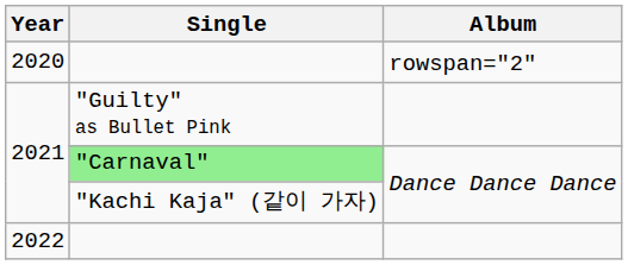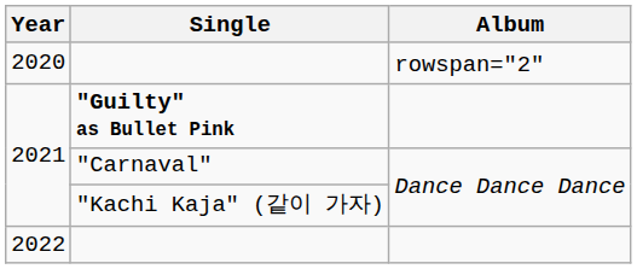 <table class="wikitable" border="1">
 <tr>
 <th>Year</th>
 <th>Single</th>
 <th>Album</th>
 </tr>
 <tr>
 <td>2020</td>
 <td align="left"></td>
 <td>rowspan="2"　</td>
 </tr>
 <tr>
 <td rowspan="3">2021</td>
-<td align="left">"Guilty"<br><small>as Bullet Pink</small></td>
+<td align="left"><strong>"Guilty"<br><small>as Bullet Pink</small></strong></td>
 </tr>
 <tr>
-<td align="left" style="background: lightgreen;">"Carnaval"</td>
+<td align="left">"Carnaval"</td>
 <td rowspan="2"><em>Dance Dance Dance</em></td>
 </tr>
 <tr>
 <td align="left">"Kachi Kaja" (같이 가자)</td>
 </tr>
 <tr>
 <td>2022</td>
 <td align="left"></td>
 <td></td>
 </tr>
 </table>
